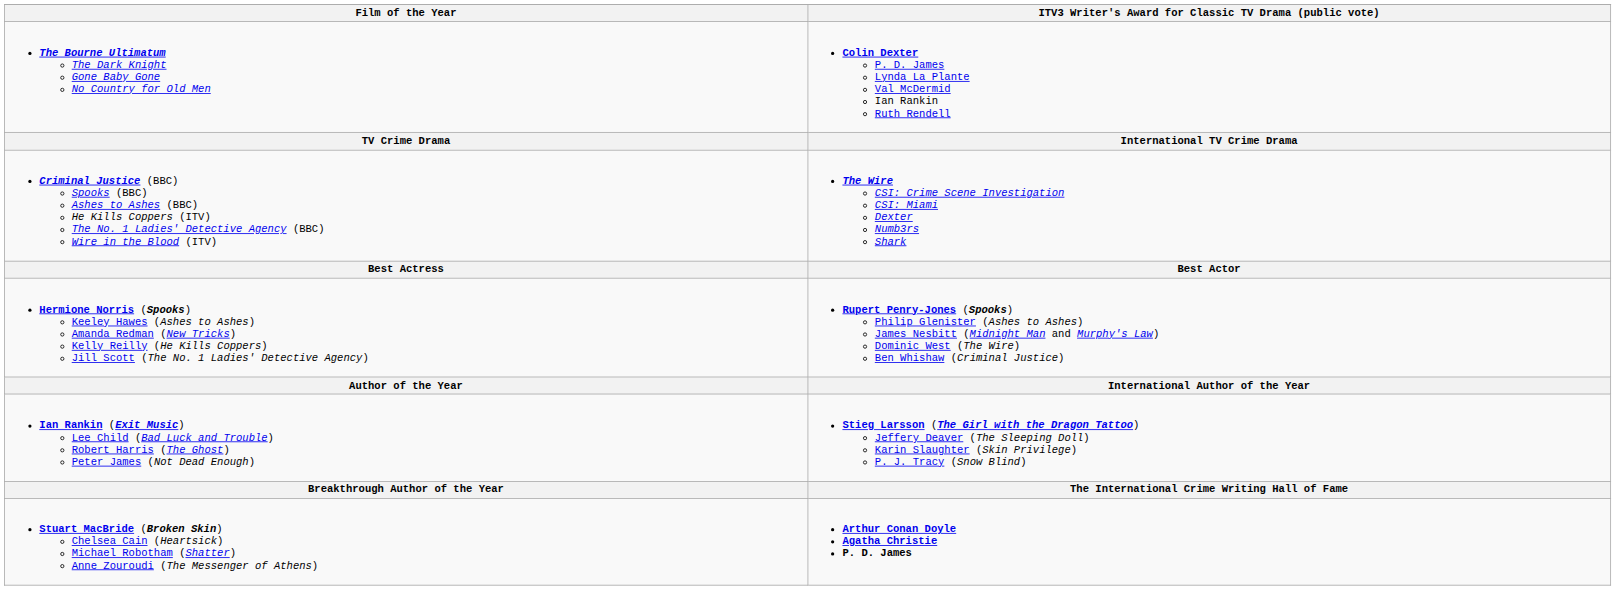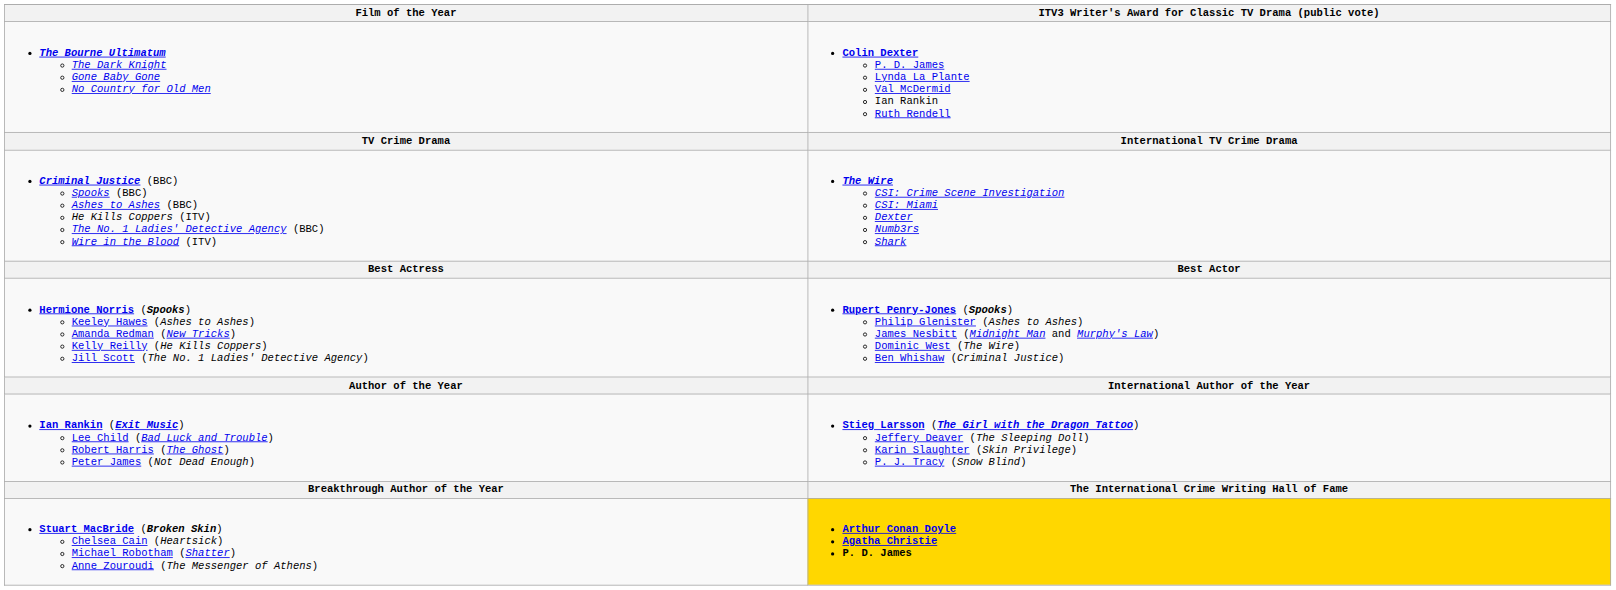 <table class="wikitable" width="100%">
 <tr>
 </tr>
 <tr>
 <th width="50%">Film of the Year</th>
 <th width="50%">ITV3 Writer's Award for Classic TV Drama (public vote)</th>
 </tr>
 <tr>
 <td valign="top"><br><ul><li><strong><em><a href='#'>The Bourne Ultimatum</a></em></strong><ul><li><em><a href='#'>The Dark Knight</a></em></li><li><em><a href='#'>Gone Baby Gone</a></em></li><li><em><a href='#'>No Country for Old Men</a></em></li></ul></li></ul></td>
 <td valign="top"><br><ul><li><strong><a href='#'>Colin Dexter</a></strong><ul><li><a href='#'>P. D. James</a></li><li><a href='#'>Lynda La Plante</a></li><li><a href='#'>Val McDermid</a></li><li>Ian Rankin</li><li><a href='#'>Ruth Rendell</a></li></ul></li></ul></td>
 </tr>
 <tr>
 <th width="50%">TV Crime Drama</th>
 <th width="50%">International TV Crime Drama</th>
 </tr>
 <tr>
 <td valign="top"><br><ul><li><strong><em><a href='#'>Criminal Justice</a></em></strong> (BBC)<ul><li><em><a href='#'>Spooks</a></em> (BBC)</li><li><em><a href='#'>Ashes to Ashes</a></em> (BBC)</li><li><em>He Kills Coppers</em> (ITV)</li><li><em><a href='#'>The No. 1 Ladies' Detective Agency</a></em> (BBC)</li><li><em><a href='#'>Wire in the Blood</a></em> (ITV)</li></ul></li></ul></td>
 <td valign="top"><br><ul><li><strong><em><a href='#'>The Wire</a></em></strong><ul><li><em><a href='#'>CSI: Crime Scene Investigation</a></em></li><li><em><a href='#'>CSI: Miami</a></em></li><li><em><a href='#'>Dexter</a></em></li><li><em><a href='#'>Numb3rs</a></em></li><li><em><a href='#'>Shark</a></em></li></ul></li></ul></td>
 </tr>
 <tr>
 <th width="50%">Best Actress</th>
 <th width="50%">Best Actor</th>
 </tr>
 <tr>
 <td valign="top"><br><ul><li><strong><a href='#'>Hermione Norris</a></strong> (<strong><em>Spooks</em></strong>)<ul><li><a href='#'>Keeley Hawes</a> (<em>Ashes to Ashes</em>)</li><li><a href='#'>Amanda Redman</a> (<em><a href='#'>New Tricks</a></em>)</li><li><a href='#'>Kelly Reilly</a> (<em>He Kills Coppers</em>)</li><li><a href='#'>Jill Scott</a> (<em>The No. 1 Ladies' Detective Agency</em>)</li></ul></li></ul></td>
 <td valign="top"><br><ul><li><strong><a href='#'>Rupert Penry-Jones</a></strong> (<strong><em>Spooks</em></strong>)<ul><li><a href='#'>Philip Glenister</a> (<em>Ashes to Ashes</em>)</li><li><a href='#'>James Nesbitt</a> (<em><a href='#'>Midnight Man</a></em> and <em><a href='#'>Murphy's Law</a></em>)</li><li><a href='#'>Dominic West</a> (<em>The Wire</em>)</li><li><a href='#'>Ben Whishaw</a> (<em>Criminal Justice</em>)</li></ul></li></ul></td>
 </tr>
 <tr>
 <th width="50%">Author of the Year</th>
 <th width="50%">International Author of the Year</th>
 </tr>
 <tr>
 <td valign="top"><br><ul><li><strong><a href='#'>Ian Rankin</a></strong> (<strong><em><a href='#'>Exit Music</a></em></strong>)<ul><li><a href='#'>Lee Child</a> (<em><a href='#'>Bad Luck and Trouble</a></em>)</li><li><a href='#'>Robert Harris</a> (<em><a href='#'>The Ghost</a></em>)</li><li><a href='#'>Peter James</a> (<em>Not Dead Enough</em>)</li></ul></li></ul></td>
 <td valign="top"><br><ul><li><strong><a href='#'>Stieg Larsson</a></strong> (<strong><em><a href='#'>The Girl with the Dragon Tattoo</a></em></strong>)<ul><li><a href='#'>Jeffery Deaver</a> (<em>The Sleeping Doll</em>)</li><li><a href='#'>Karin Slaughter</a> (<em>Skin Privilege</em>)</li><li><a href='#'>P. J. Tracy</a> (<em>Snow Blind</em>)</li></ul></li></ul></td>
 </tr>
 <tr>
 <th width="50%">Breakthrough Author of the Year</th>
 <th width="50%">The International Crime Writing Hall of Fame</th>
 </tr>
 <tr>
 <td valign="top"><br><ul><li><strong><a href='#'>Stuart MacBride</a></strong> (<strong><em>Broken Skin</em></strong>)<ul><li><a href='#'>Chelsea Cain</a> (<em>Heartsick</em>)</li><li><a href='#'>Michael Robotham</a> (<em><a href='#'>Shatter</a></em>)</li><li><a href='#'>Anne Zouroudi</a> (<em>The Messenger of Athens</em>)</li></ul></li></ul></td>
-<td valign="top"><br><ul><li><strong><a href='#'>Arthur Conan Doyle</a></strong></li><li><strong><a href='#'>Agatha Christie</a></strong></li><li><strong>P. D. James</strong></li></ul></td>
+<td valign="top" style="background: gold;"><br><ul><li><strong><a href='#'>Arthur Conan Doyle</a></strong></li><li><strong><a href='#'>Agatha Christie</a></strong></li><li><strong>P. D. James</strong></li></ul></td>
 </tr>
 </table>
